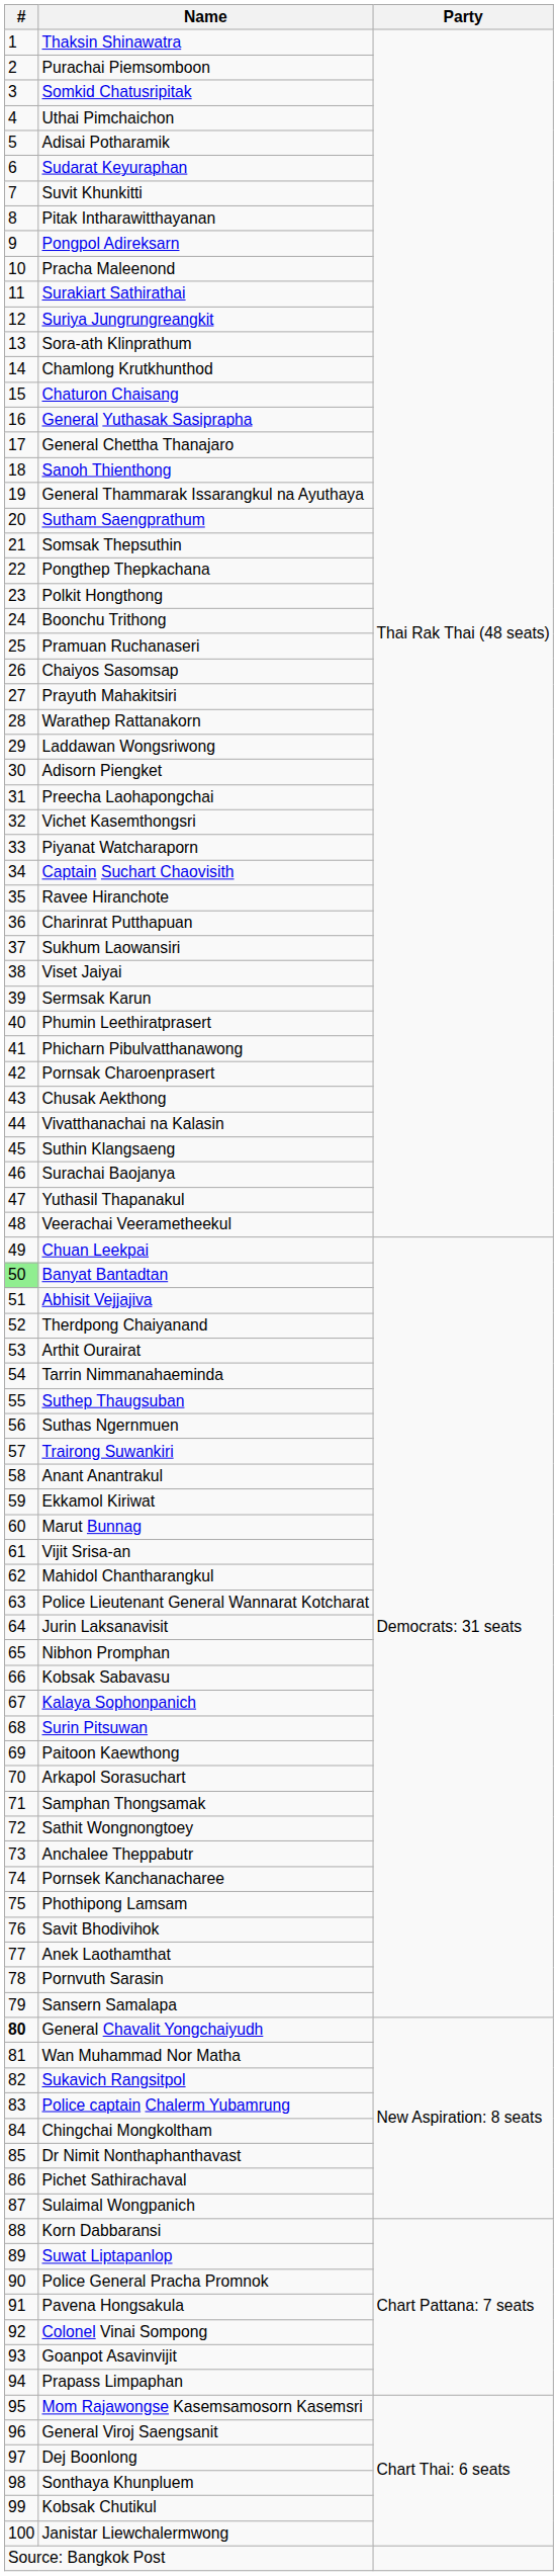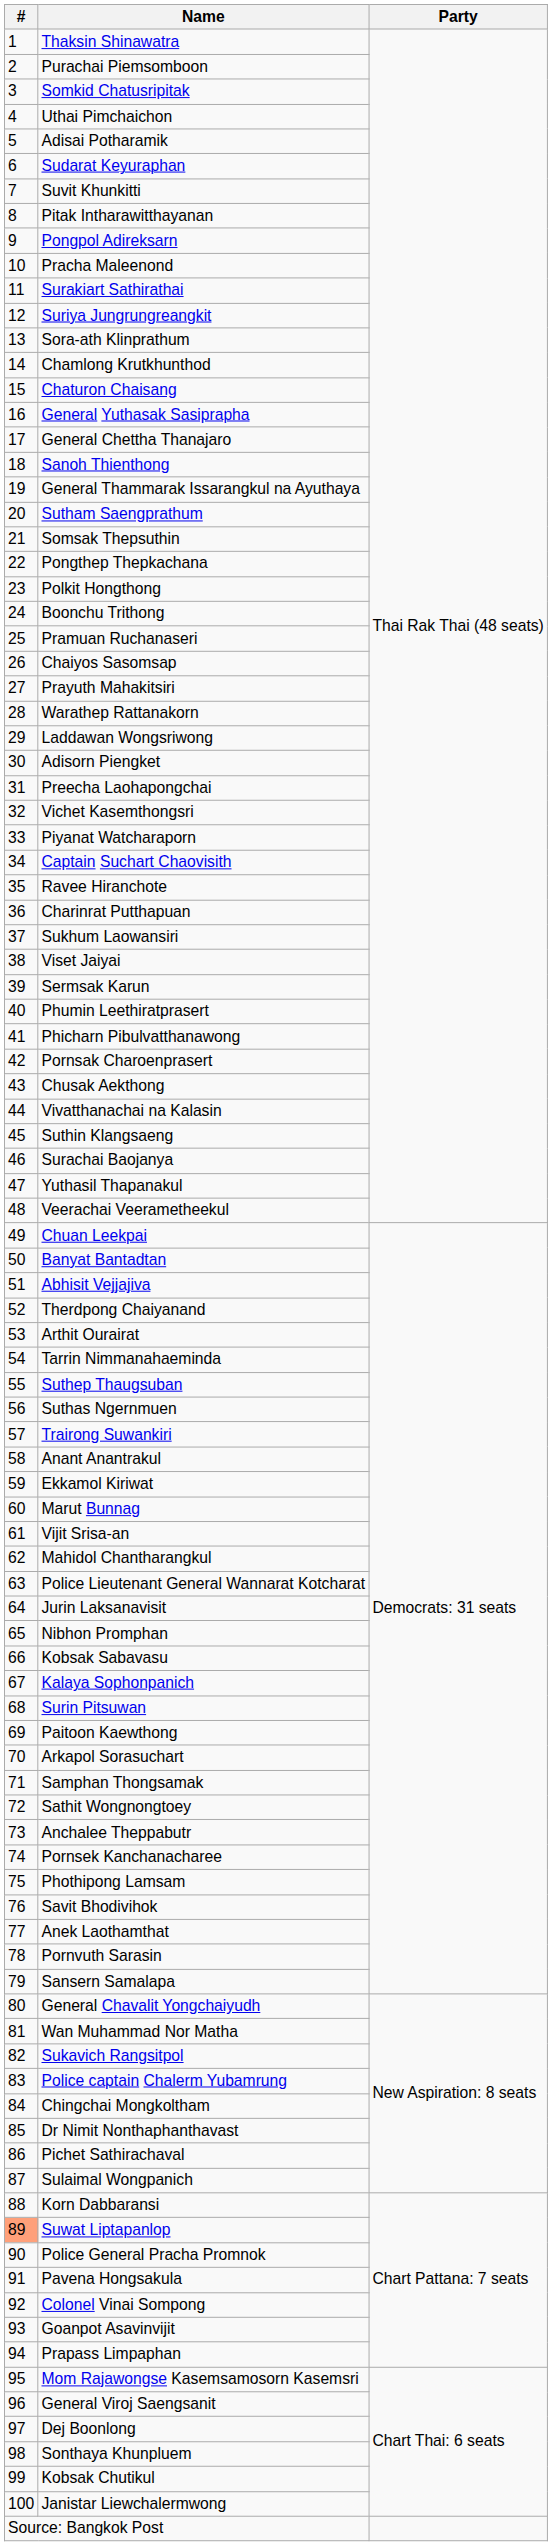 <table class=wikitable>
 <tr>
 <th>#</th>
 <th>Name</th>
 <th>Party</th>
 </tr>
 <tr>
 <td>1</td>
 <td><a href='#'>Thaksin Shinawatra</a></td>
 <td rowspan="48">Thai Rak Thai (48 seats)</td>
 </tr>
 <tr>
 <td>2</td>
 <td>Purachai Piemsomboon</td>
 </tr>
 <tr>
 <td>3</td>
 <td><a href='#'>Somkid Chatusripitak</a></td>
 </tr>
 <tr>
 <td>4</td>
 <td>Uthai Pimchaichon</td>
 </tr>
 <tr>
 <td>5</td>
 <td>Adisai Potharamik</td>
 </tr>
 <tr>
 <td>6</td>
 <td><a href='#'>Sudarat Keyuraphan</a></td>
 </tr>
 <tr>
 <td>7</td>
 <td>Suvit Khunkitti</td>
 </tr>
 <tr>
 <td>8</td>
 <td>Pitak Intharawitthayanan</td>
 </tr>
 <tr>
 <td>9</td>
 <td><a href='#'>Pongpol Adireksarn</a></td>
 </tr>
 <tr>
 <td>10</td>
 <td>Pracha Maleenond</td>
 </tr>
 <tr>
 <td>11</td>
 <td><a href='#'>Surakiart Sathirathai</a></td>
 </tr>
 <tr>
 <td>12</td>
 <td><a href='#'>Suriya Jungrungreangkit</a></td>
 </tr>
 <tr>
 <td>13</td>
 <td>Sora-ath Klinprathum</td>
 </tr>
 <tr>
 <td>14</td>
 <td>Chamlong Krutkhunthod</td>
 </tr>
 <tr>
 <td>15</td>
 <td><a href='#'>Chaturon Chaisang</a></td>
 </tr>
 <tr>
 <td>16</td>
 <td><a href='#'>General</a> <a href='#'>Yuthasak Sasiprapha</a></td>
 </tr>
 <tr>
 <td>17</td>
 <td>General Chettha Thanajaro</td>
 </tr>
 <tr>
 <td>18</td>
 <td><a href='#'>Sanoh Thienthong</a></td>
 </tr>
 <tr>
 <td>19</td>
 <td>General Thammarak Issarangkul na Ayuthaya</td>
 </tr>
 <tr>
 <td>20</td>
 <td><a href='#'>Sutham Saengprathum</a></td>
 </tr>
 <tr>
 <td>21</td>
 <td>Somsak Thepsuthin</td>
 </tr>
 <tr>
 <td>22</td>
 <td>Pongthep Thepkachana</td>
 </tr>
 <tr>
 <td>23</td>
 <td>Polkit Hongthong</td>
 </tr>
 <tr>
 <td>24</td>
 <td>Boonchu Trithong</td>
 </tr>
 <tr>
 <td>25</td>
 <td>Pramuan Ruchanaseri</td>
 </tr>
 <tr>
 <td>26</td>
 <td>Chaiyos Sasomsap</td>
 </tr>
 <tr>
 <td>27</td>
 <td>Prayuth Mahakitsiri</td>
 </tr>
 <tr>
 <td>28</td>
 <td>Warathep Rattanakorn</td>
 </tr>
 <tr>
 <td>29</td>
 <td>Laddawan Wongsriwong</td>
 </tr>
 <tr>
 <td>30</td>
 <td>Adisorn Piengket</td>
 </tr>
 <tr>
 <td>31</td>
 <td>Preecha Laohapongchai</td>
 </tr>
 <tr>
 <td>32</td>
 <td>Vichet Kasemthongsri</td>
 </tr>
 <tr>
 <td>33</td>
 <td>Piyanat Watcharaporn</td>
 </tr>
 <tr>
 <td>34</td>
 <td><a href='#'>Captain</a> <a href='#'>Suchart Chaovisith</a></td>
 </tr>
 <tr>
 <td>35</td>
 <td>Ravee Hiranchote</td>
 </tr>
 <tr>
 <td>36</td>
 <td>Charinrat Putthapuan</td>
 </tr>
 <tr>
 <td>37</td>
 <td>Sukhum Laowansiri</td>
 </tr>
 <tr>
 <td>38</td>
 <td>Viset Jaiyai</td>
 </tr>
 <tr>
 <td>39</td>
 <td>Sermsak Karun</td>
 </tr>
 <tr>
 <td>40</td>
 <td>Phumin Leethiratprasert</td>
 </tr>
 <tr>
 <td>41</td>
 <td>Phicharn Pibulvatthanawong</td>
 </tr>
 <tr>
 <td>42</td>
 <td>Pornsak Charoenprasert</td>
 </tr>
 <tr>
 <td>43</td>
 <td>Chusak Aekthong</td>
 </tr>
 <tr>
 <td>44</td>
 <td>Vivatthanachai na Kalasin</td>
 </tr>
 <tr>
 <td>45</td>
 <td>Suthin Klangsaeng</td>
 </tr>
 <tr>
 <td>46</td>
 <td>Surachai Baojanya</td>
 </tr>
 <tr>
 <td>47</td>
 <td>Yuthasil Thapanakul</td>
 </tr>
 <tr>
 <td>48</td>
 <td>Veerachai Veerametheekul</td>
 </tr>
 <tr>
 <td>49</td>
 <td><a href='#'>Chuan Leekpai</a></td>
 <td rowspan="31">Democrats: 31 seats</td>
 </tr>
 <tr>
-<td style="background: lightgreen;">50</td>
+<td>50</td>
 <td><a href='#'>Banyat Bantadtan</a></td>
 </tr>
 <tr>
 <td>51</td>
 <td><a href='#'>Abhisit Vejjajiva</a></td>
 </tr>
 <tr>
 <td>52</td>
 <td>Therdpong Chaiyanand</td>
 </tr>
 <tr>
 <td>53</td>
 <td>Arthit Ourairat</td>
 </tr>
 <tr>
 <td>54</td>
 <td>Tarrin Nimmanahaeminda</td>
 </tr>
 <tr>
 <td>55</td>
 <td><a href='#'>Suthep Thaugsuban</a></td>
 </tr>
 <tr>
 <td>56</td>
 <td>Suthas Ngernmuen</td>
 </tr>
 <tr>
 <td>57</td>
 <td><a href='#'>Trairong Suwankiri</a></td>
 </tr>
 <tr>
 <td>58</td>
 <td>Anant Anantrakul</td>
 </tr>
 <tr>
 <td>59</td>
 <td>Ekkamol Kiriwat</td>
 </tr>
 <tr>
 <td>60</td>
 <td>Marut <a href='#'>Bunnag</a></td>
 </tr>
 <tr>
 <td>61</td>
 <td>Vijit Srisa-an</td>
 </tr>
 <tr>
 <td>62</td>
 <td>Mahidol Chantharangkul</td>
 </tr>
 <tr>
 <td>63</td>
 <td>Police Lieutenant General Wannarat Kotcharat</td>
 </tr>
 <tr>
 <td>64</td>
 <td>Jurin Laksanavisit</td>
 </tr>
 <tr>
 <td>65</td>
 <td>Nibhon Promphan</td>
 </tr>
 <tr>
 <td>66</td>
 <td>Kobsak Sabavasu</td>
 </tr>
 <tr>
 <td>67</td>
 <td><a href='#'>Kalaya Sophonpanich</a></td>
 </tr>
 <tr>
 <td>68</td>
 <td><a href='#'>Surin Pitsuwan</a></td>
 </tr>
 <tr>
 <td>69</td>
 <td>Paitoon Kaewthong</td>
 </tr>
 <tr>
 <td>70</td>
 <td>Arkapol Sorasuchart</td>
 </tr>
 <tr>
 <td>71</td>
 <td>Samphan Thongsamak</td>
 </tr>
 <tr>
 <td>72</td>
 <td>Sathit Wongnongtoey</td>
 </tr>
 <tr>
 <td>73</td>
 <td>Anchalee Theppabutr</td>
 </tr>
 <tr>
 <td>74</td>
 <td>Pornsek Kanchanacharee</td>
 </tr>
 <tr>
 <td>75</td>
 <td>Phothipong Lamsam</td>
 </tr>
 <tr>
 <td>76</td>
 <td>Savit Bhodivihok</td>
 </tr>
 <tr>
 <td>77</td>
 <td>Anek Laothamthat</td>
 </tr>
 <tr>
 <td>78</td>
 <td>Pornvuth Sarasin</td>
 </tr>
 <tr>
 <td>79</td>
 <td>Sansern Samalapa</td>
 </tr>
 <tr>
-<td><strong>80</strong></td>
+<td>80</td>
 <td>General <a href='#'>Chavalit Yongchaiyudh</a></td>
 <td rowspan="8">New Aspiration: 8 seats</td>
 </tr>
 <tr>
 <td>81</td>
 <td>Wan Muhammad Nor Matha</td>
 </tr>
 <tr>
 <td>82</td>
 <td><a href='#'>Sukavich Rangsitpol</a></td>
 </tr>
 <tr>
 <td>83</td>
 <td><a href='#'>Police captain</a> <a href='#'>Chalerm Yubamrung</a></td>
 </tr>
 <tr>
 <td>84</td>
 <td>Chingchai Mongkoltham</td>
 </tr>
 <tr>
 <td>85</td>
 <td>Dr Nimit Nonthaphanthavast</td>
 </tr>
 <tr>
 <td>86</td>
 <td>Pichet Sathirachaval</td>
 </tr>
 <tr>
 <td>87</td>
 <td>Sulaimal Wongpanich</td>
 </tr>
 <tr>
 <td>88</td>
 <td>Korn Dabbaransi</td>
 <td rowspan="7">Chart Pattana: 7 seats</td>
 </tr>
 <tr>
-<td>89</td>
+<td style="background: lightsalmon;">89</td>
 <td><a href='#'>Suwat Liptapanlop</a></td>
 </tr>
 <tr>
 <td>90</td>
 <td>Police General Pracha Promnok</td>
 </tr>
 <tr>
 <td>91</td>
 <td>Pavena Hongsakula</td>
 </tr>
 <tr>
 <td>92</td>
 <td><a href='#'>Colonel</a> Vinai Sompong</td>
 </tr>
 <tr>
 <td>93</td>
 <td>Goanpot Asavinvijit</td>
 </tr>
 <tr>
 <td>94</td>
 <td>Prapass Limpaphan</td>
 </tr>
 <tr>
 <td>95</td>
 <td><a href='#'>Mom Rajawongse</a> Kasemsamosorn Kasemsri</td>
 <td rowspan="6">Chart Thai: 6 seats</td>
 </tr>
 <tr>
 <td>96</td>
 <td>General Viroj Saengsanit</td>
 </tr>
 <tr>
 <td>97</td>
 <td>Dej Boonlong</td>
 </tr>
 <tr>
 <td>98</td>
 <td>Sonthaya Khunpluem</td>
 </tr>
 <tr>
 <td>99</td>
 <td>Kobsak Chutikul</td>
 </tr>
 <tr>
 <td>100</td>
 <td>Janistar Liewchalermwong</td>
 </tr>
 <tr>
 <td colspan=2>Source: Bangkok Post</td>
 </tr>
 </table>
